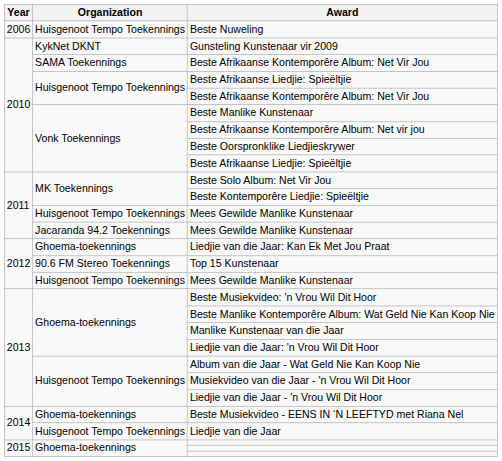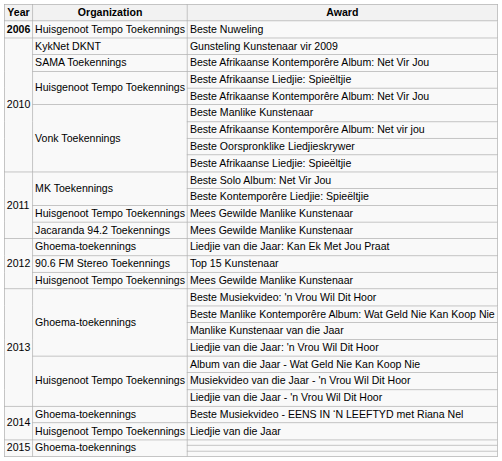 <table class="wikitable">
 <tr>
 <th>Year</th>
 <th>Organization</th>
 <th>Award</th>
 </tr>
 <tr>
-<td>2006</td>
+<td><strong>2006</strong></td>
 <td>Huisgenoot Tempo Toekennings</td>
 <td>Beste Nuweling</td>
 </tr>
 <tr>
 <td rowspan=8>2010</td>
 <td>KykNet DKNT</td>
 <td>Gunsteling Kunstenaar vir 2009</td>
 </tr>
 <tr>
 <td>SAMA Toekennings</td>
 <td>Beste Afrikaanse Kontemporêre Album: Net Vir Jou</td>
 </tr>
 <tr>
 <td rowspan=2>Huisgenoot Tempo Toekennings</td>
 <td>Beste Afrikaanse Liedjie: Spieëltjie</td>
 </tr>
 <tr>
 <td>Beste Afrikaanse Kontemporêre Album: Net Vir Jou</td>
 </tr>
 <tr>
 <td rowspan=4>Vonk Toekennings</td>
 <td>Beste Manlike Kunstenaar</td>
 </tr>
 <tr>
 <td>Beste Afrikaanse Kontemporêre Album: Net vir jou</td>
 </tr>
 <tr>
 <td>Beste Oorspronklike Liedjieskrywer</td>
 </tr>
 <tr>
 <td>Beste Afrikaanse Liedjie: Spieëltjie</td>
 </tr>
 <tr>
 <td rowspan=4>2011</td>
 <td rowspan=2>MK Toekennings</td>
 <td>Beste Solo Album: Net Vir Jou</td>
 </tr>
 <tr>
 <td>Beste Kontemporêre Liedjie: Spieëltjie</td>
 </tr>
 <tr>
 <td>Huisgenoot Tempo Toekennings</td>
 <td>Mees Gewilde Manlike Kunstenaar</td>
 </tr>
 <tr>
 <td>Jacaranda 94.2 Toekennings</td>
 <td>Mees Gewilde Manlike Kunstenaar</td>
 </tr>
 <tr>
 <td rowspan=3>2012</td>
 <td>Ghoema-toekennings</td>
 <td>Liedjie van die Jaar: Kan Ek Met Jou Praat</td>
 </tr>
 <tr>
 <td>90.6 FM Stereo Toekennings</td>
 <td>Top 15 Kunstenaar</td>
 </tr>
 <tr>
 <td>Huisgenoot Tempo Toekennings</td>
 <td>Mees Gewilde Manlike Kunstenaar</td>
 </tr>
 <tr>
 <td rowspan=7>2013</td>
 <td rowspan=4>Ghoema-toekennings</td>
 <td>Beste Musiekvideo: 'n Vrou Wil Dit Hoor</td>
 </tr>
 <tr>
 <td>Beste Manlike Kontemporêre Album: Wat Geld Nie Kan Koop Nie</td>
 </tr>
 <tr>
 <td>Manlike Kunstenaar van die Jaar</td>
 </tr>
 <tr>
 <td>Liedjie van die Jaar: 'n Vrou Wil Dit Hoor</td>
 </tr>
 <tr>
 <td rowspan=3>Huisgenoot Tempo Toekennings</td>
 <td>Album van die Jaar - Wat Geld Nie Kan Koop Nie</td>
 </tr>
 <tr>
 <td>Musiekvideo van die Jaar - 'n Vrou Wil Dit Hoor</td>
 </tr>
 <tr>
 <td>Liedjie van die Jaar - 'n Vrou Wil Dit Hoor</td>
 </tr>
 <tr>
 <td rowspan=2>2014</td>
 <td>Ghoema-toekennings</td>
 <td>Beste Musiekvideo - EENS IN ‘N LEEFTYD met Riana Nel</td>
 </tr>
 <tr>
 <td>Huisgenoot Tempo Toekennings</td>
 <td>Liedjie van die Jaar</td>
 </tr>
 <tr>
 <td rowspan=3>2015</td>
 <td rowspan=3>Ghoema-toekennings</td>
 <td> </td>
 </tr>
 <tr>
 <td> </td>
 </tr>
 <tr>
 <td> </td>
 </tr>
 </table>
